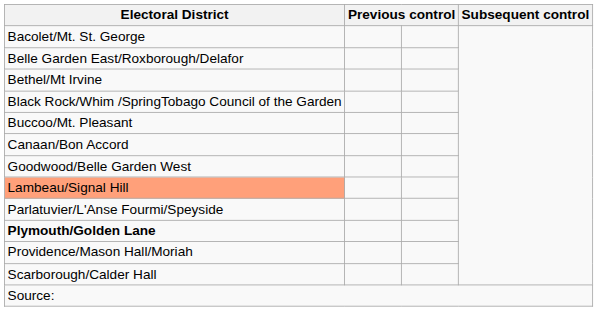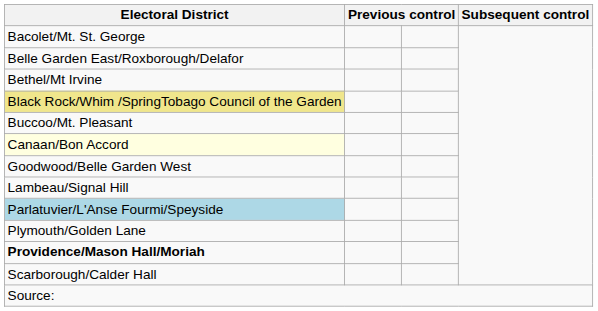 <table class="wikitable sortable">
 <tr>
 <th>Electoral District</th>
 <th colspan="2">Previous control</th>
 <th colspan="2">Subsequent control</th>
 </tr>
 <tr>
 <td>Bacolet/Mt. St. George</td>
 <td></td>
 <td></td>
 </tr>
 <tr>
 <td>Belle Garden East/Roxborough/Delafor</td>
 <td></td>
 <td></td>
 </tr>
 <tr>
 <td>Bethel/Mt Irvine</td>
 <td></td>
 <td></td>
 </tr>
 <tr>
-<td>Black Rock/Whim /SpringTobago Council of the  Garden</td>
+<td style="background: khaki;">Black Rock/Whim /SpringTobago Council of the  Garden</td>
 <td></td>
 <td></td>
 </tr>
 <tr>
 <td>Buccoo/Mt. Pleasant</td>
 <td></td>
 <td></td>
 </tr>
 <tr>
-<td>Canaan/Bon Accord</td>
+<td style="background: lightyellow;">Canaan/Bon Accord</td>
 <td></td>
 <td></td>
 </tr>
 <tr>
 <td>Goodwood/Belle Garden West</td>
 <td></td>
 <td></td>
 </tr>
 <tr>
-<td style="background: lightsalmon;">Lambeau/Signal Hill</td>
+<td>Lambeau/Signal Hill</td>
 <td></td>
 <td></td>
 </tr>
 <tr>
-<td>Parlatuvier/L'Anse Fourmi/Speyside</td>
+<td style="background: lightblue;">Parlatuvier/L'Anse Fourmi/Speyside</td>
 <td></td>
 <td></td>
 </tr>
 <tr>
-<td><strong>Plymouth/Golden Lane</strong></td>
+<td>Plymouth/Golden Lane</td>
 <td></td>
 <td></td>
 </tr>
 <tr>
-<td>Providence/Mason Hall/Moriah</td>
+<td><strong>Providence/Mason Hall/Moriah</strong></td>
 <td></td>
 <td></td>
 </tr>
 <tr>
 <td>Scarborough/Calder Hall</td>
 <td></td>
 <td></td>
 </tr>
 <tr>
 <td colspan="7" align="left">Source: </td>
 </tr>
 </table>
